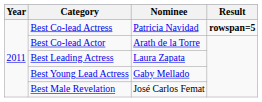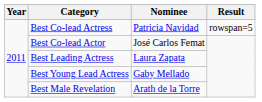 <table class="wikitable">
 <tr style="background:#b0c4de;">
 <th>Year</th>
 <th>Category</th>
 <th>Nominee</th>
 <th>Result</th>
 </tr>
 <tr>
 <td rowspan=5><a href='#'>2011</a></td>
 <td><a href='#'>Best Co-lead Actress</a></td>
 <td><a href='#'>Patricia Navidad</a></td>
-<td><strong>rowspan=5 </strong></td>
+<td>rowspan=5 </td>
 </tr>
 <tr>
 <td><a href='#'>Best Co-lead Actor</a></td>
-<td><a href='#'>Arath de la Torre</a></td>
+<td>José Carlos Femat</td>
 </tr>
 <tr>
 <td><a href='#'>Best Leading Actress</a></td>
 <td><a href='#'>Laura Zapata</a></td>
 </tr>
 <tr>
 <td><a href='#'>Best Young Lead Actress</a></td>
 <td><a href='#'>Gaby Mellado</a></td>
 </tr>
 <tr>
 <td><a href='#'>Best Male Revelation</a></td>
-<td>José Carlos Femat</td>
+<td><a href='#'>Arath de la Torre</a></td>
 </tr>
 </table>
